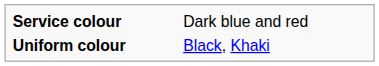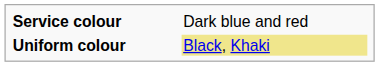 <table class="infobox" style="font-size: 80%; text-align: left; width: 23.5em">
 <tr>
 <td><strong>Service colour</strong></td>
 <td>Dark blue and red <br></td>
 </tr>
 <tr>
 <td><strong>Uniform colour</strong></td>
-<td><a href='#'>Black</a>, <a href='#'>Khaki</a><br></td>
+<td style="background: khaki;"><a href='#'>Black</a>, <a href='#'>Khaki</a><br></td>
 </tr>
 </table>
